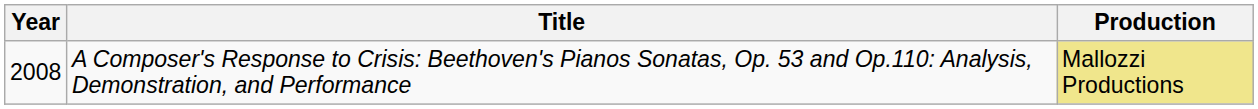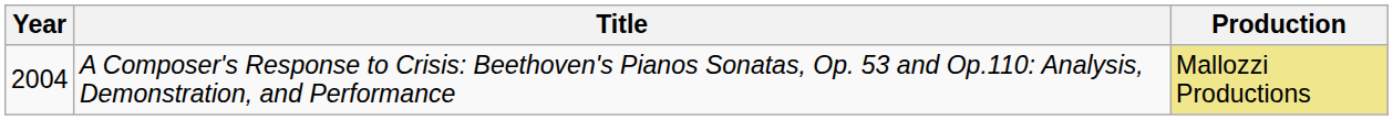 <table class="wikitable">
 <tr>
 <th>Year</th>
 <th>Title</th>
 <th>Production</th>
 </tr>
 <tr>
-<td>2008</td>
+<td>2004</td>
 <td><em>A Composer's Response to Crisis: Beethoven's Pianos Sonatas, Op. 53 and Op.110: Analysis, Demonstration, and Performance</em></td>
 <td style="background: khaki;">Mallozzi Productions</td>
 </tr>
 </table>
